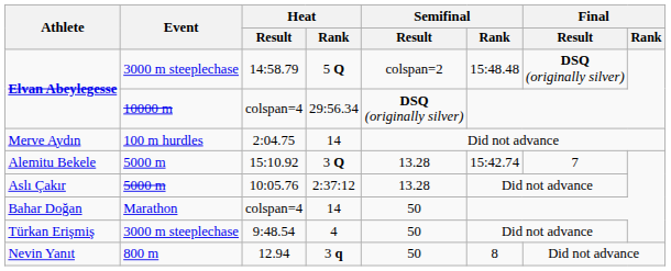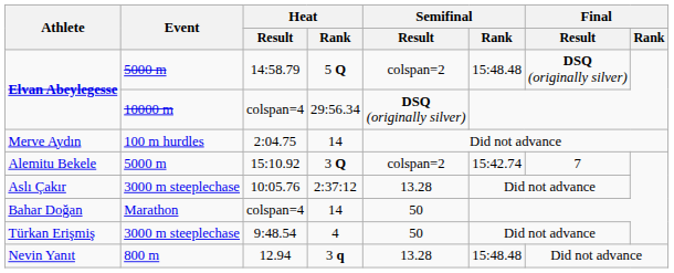 <table class="wikitable" style="font-size:90%">
 <tr>
 <th rowspan="2">Athlete</th>
 <th rowspan="2">Event</th>
 <th colspan="2">Heat</th>
 <th colspan="2">Semifinal</th>
 <th colspan="2">Final</th>
 </tr>
 <tr style="font-size:95%">
 <th>Result</th>
 <th>Rank</th>
 <th>Result</th>
 <th>Rank</th>
 <th>Result</th>
 <th>Rank</th>
 </tr>
 <tr align=center>
 <td align="left" rowspan=2><strong><a href='#'><s>Elvan Abeylegesse</s></a></strong></td>
-<td align="left"><a href='#'>3000 m steeplechase</a></td>
+<td align="left"><a href='#'><s>5000 m</s></a></td>
 <td>14:58.79</td>
 <td>5 <strong>Q</strong></td>
 <td>colspan=2 </td>
 <td>15:48.48</td>
 <td><strong>DSQ</strong><br><em>(originally silver)</em></td>
 </tr>
 <tr align=center>
 <td align="left"><a href='#'><s>10000 m</s></a></td>
 <td>colspan=4 </td>
 <td>29:56.34</td>
 <td><strong>DSQ</strong><br><em>(originally silver)</em></td>
 </tr>
 <tr align=center>
 <td align="left"><a href='#'>Merve Aydın</a></td>
 <td align="left"><a href='#'>100 m hurdles</a></td>
 <td>2:04.75</td>
 <td>14</td>
 <td colspan=4>Did not advance</td>
 </tr>
 <tr align=center>
 <td align="left"><a href='#'>Alemitu Bekele</a></td>
 <td align="left"><a href='#'>5000 m</a></td>
 <td>15:10.92</td>
 <td>3 <strong>Q</strong></td>
-<td>13.28</td>
+<td>colspan=2 </td>
 <td>15:42.74</td>
 <td>7</td>
 </tr>
 <tr align=center>
 <td align="left"><a href='#'>Aslı Çakır</a></td>
-<td align="left"><a href='#'><s>5000 m</s></a></td>
+<td align="left"><a href='#'>3000 m steeplechase</a></td>
 <td>10:05.76</td>
 <td>2:37:12</td>
 <td>13.28</td>
 <td colspan=2>Did not advance</td>
 </tr>
 <tr align=center>
 <td align="left"><a href='#'>Bahar Doğan</a></td>
 <td align="left"><a href='#'>Marathon</a></td>
 <td>colspan=4 </td>
 <td>14</td>
 <td>50</td>
 </tr>
 <tr align=center>
 <td align="left"><a href='#'>Türkan Erişmiş</a></td>
 <td align="left"><a href='#'>3000 m steeplechase</a></td>
 <td>9:48.54</td>
 <td>4</td>
 <td>50</td>
 <td colspan=2>Did not advance</td>
 </tr>
 <tr align=center>
 <td align="left"><a href='#'>Nevin Yanıt</a></td>
 <td align="left"><a href='#'>800 m</a></td>
 <td>12.94</td>
 <td>3 <strong>q</strong></td>
-<td>50</td>
-<td>8</td>
+<td>13.28</td>
+<td>15:48.48</td>
 <td colspan=2>Did not advance</td>
 </tr>
 </table>
